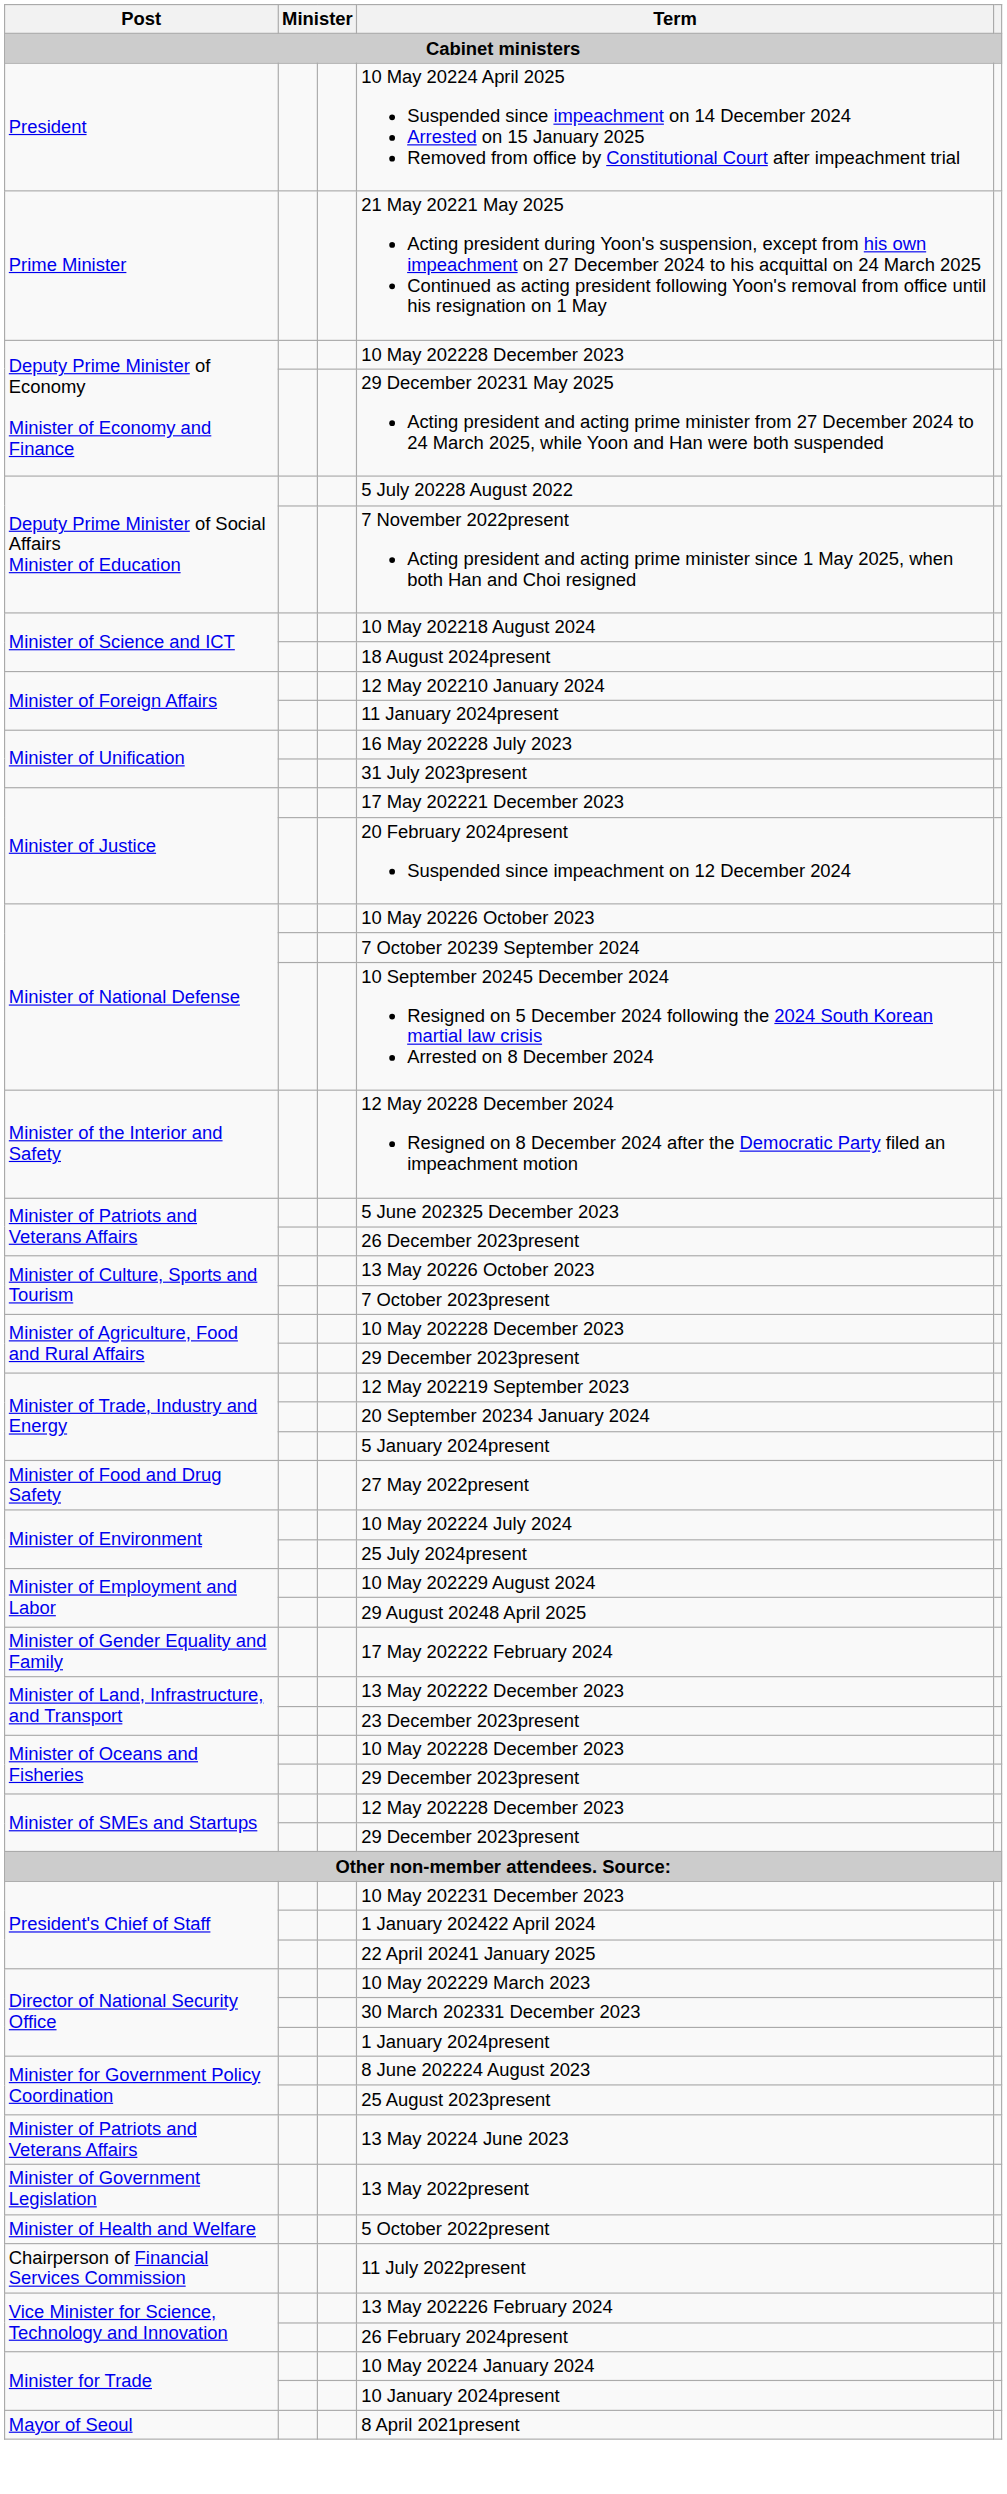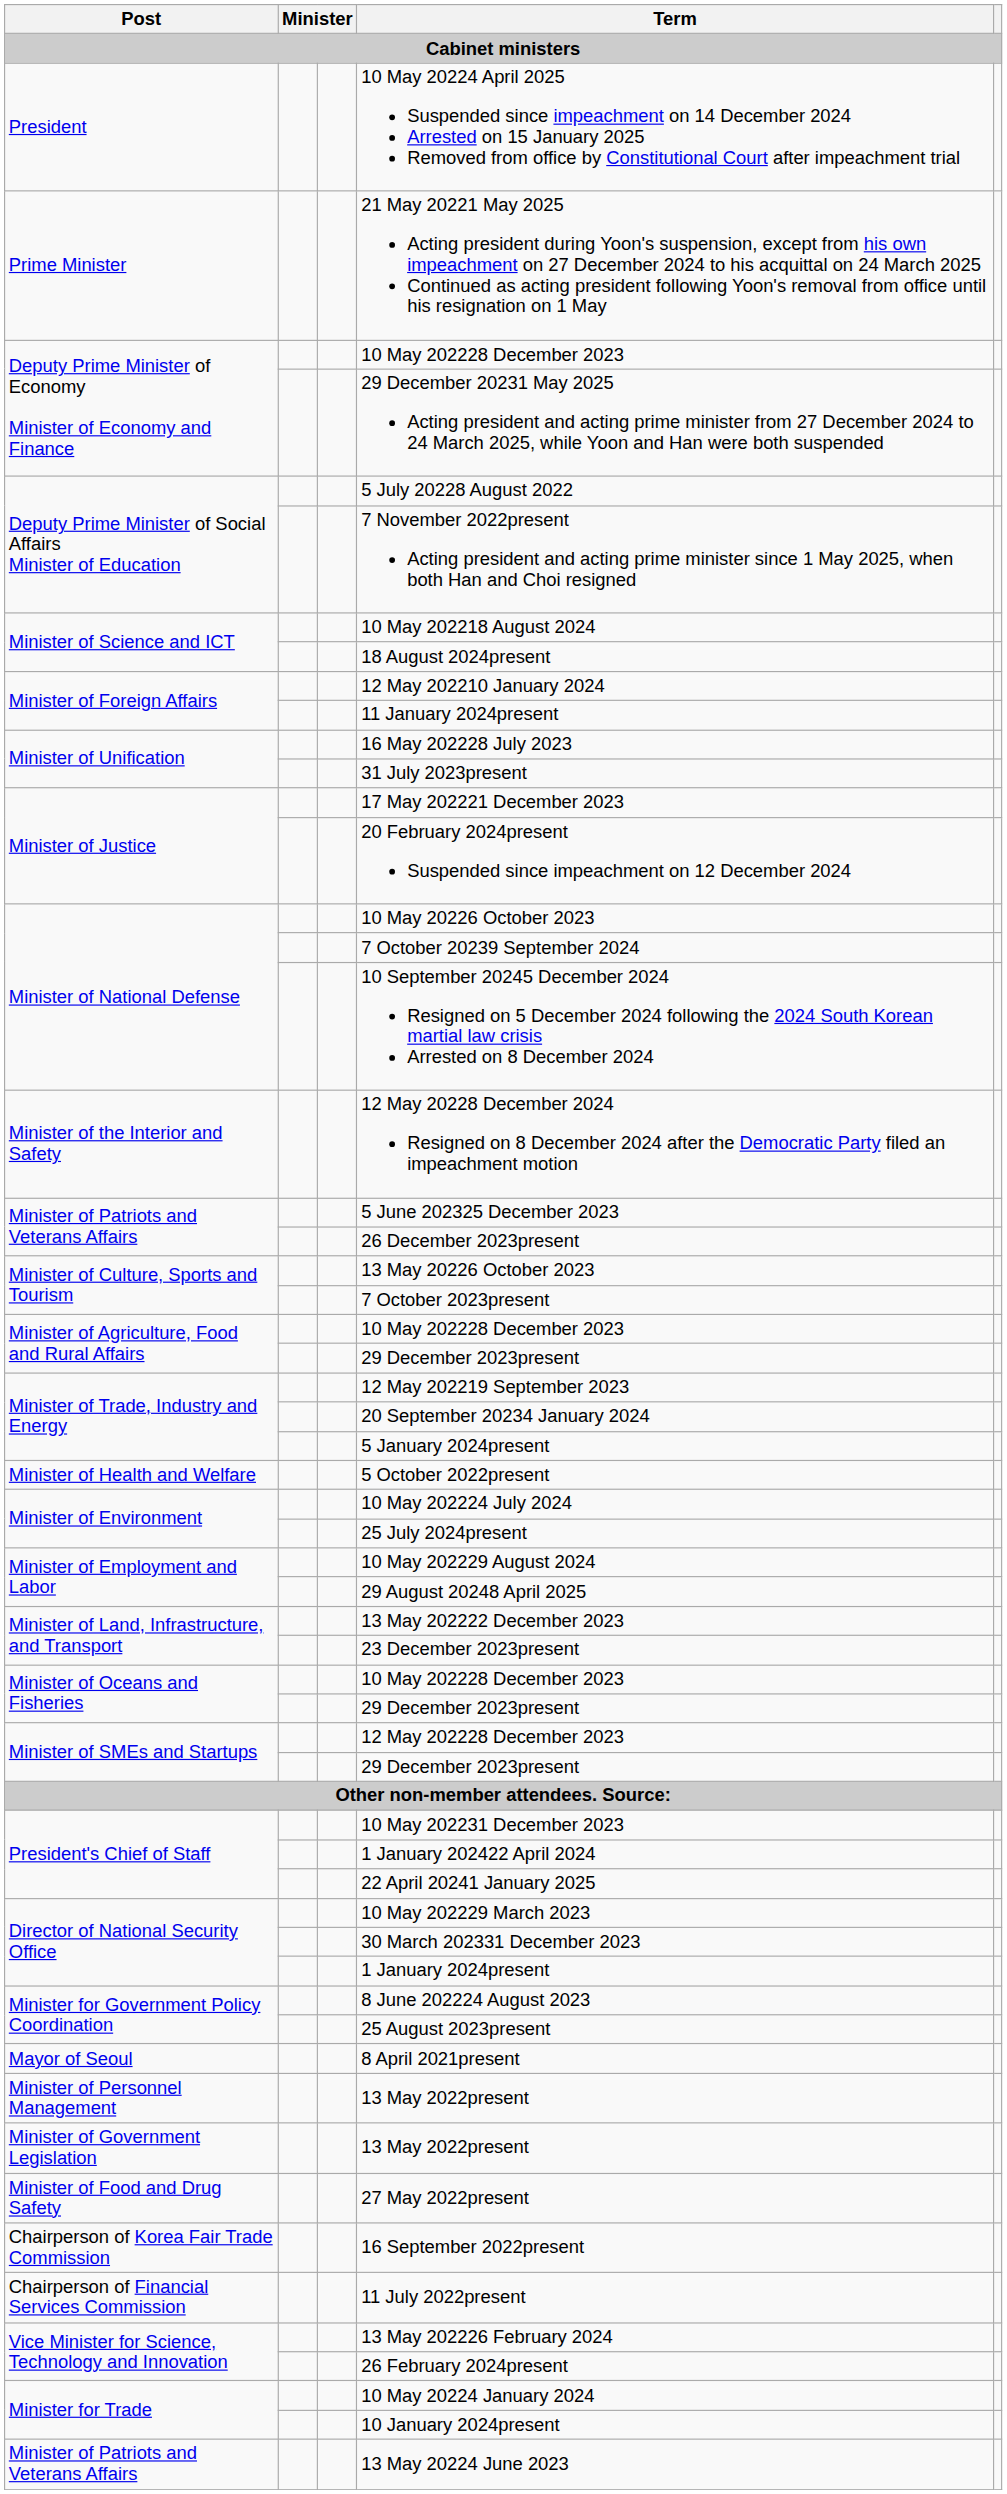 <table class="wikitable">
 <tr>
 <th>Post</th>
 <th colspan=2>Minister</th>
 <th>Term</th>
 <th></th>
 </tr>
 <tr>
 <th colspan="5" style="background:#ccc;">Cabinet ministers</th>
 </tr>
 <tr>
 <td><a href='#'>President</a></td>
 <td style="background: "></td>
 <td></td>
 <td>10 May 20224 April 2025<br><ul><li>Suspended since <a href='#'>impeachment</a> on 14 December 2024</li><li><a href='#'>Arrested</a> on  15 January 2025</li><li>Removed from office by <a href='#'>Constitutional Court</a> after impeachment trial</li></ul></td>
 <td></td>
 </tr>
 <tr>
 <td><a href='#'>Prime Minister</a></td>
 <td style="background: "></td>
 <td></td>
 <td>21 May 20221 May 2025<br><ul><li>Acting president during Yoon's suspension, except from <a href='#'>his own impeachment</a> on 27 December 2024 to his acquittal on 24 March 2025</li><li>Continued as acting president following Yoon's removal from office until his resignation on 1 May</li></ul></td>
 <td></td>
 </tr>
 <tr>
 <td rowspan="2"><a href='#'>Deputy Prime Minister</a> of Economy<br><br><a href='#'>Minister of Economy and Finance</a></td>
 <td style="background: "></td>
 <td></td>
 <td>10 May 202228 December 2023</td>
 <td></td>
 </tr>
 <tr>
 <td style="background: "></td>
 <td></td>
 <td>29 December 20231 May 2025<br><ul><li>Acting president and acting prime minister from 27 December 2024 to 24 March 2025, while Yoon and Han were both suspended</li></ul></td>
 <td></td>
 </tr>
 <tr>
 <td rowspan="2"><a href='#'>Deputy Prime Minister</a> of Social Affairs<br><a href='#'>Minister of Education</a></td>
 <td style="background: "></td>
 <td></td>
 <td>5 July 20228 August 2022</td>
 <td></td>
 </tr>
 <tr>
 <td style="background: "></td>
 <td></td>
 <td>7 November 2022present<br><ul><li>Acting president and acting prime minister since 1 May 2025, when both Han and Choi resigned</li></ul></td>
 <td></td>
 </tr>
 <tr>
 <td rowspan="2"><a href='#'>Minister of Science and ICT</a></td>
 <td style="background: "></td>
 <td></td>
 <td>10 May 202218 August 2024</td>
 <td></td>
 </tr>
 <tr>
 <td style="background: "></td>
 <td></td>
 <td>18 August 2024present</td>
 <td></td>
 </tr>
 <tr>
 <td rowspan="2"><a href='#'>Minister of Foreign Affairs</a></td>
 <td style="background: "></td>
 <td></td>
 <td>12 May 202210 January 2024</td>
 <td></td>
 </tr>
 <tr>
 <td style="background: "></td>
 <td></td>
 <td>11 January 2024present</td>
 <td></td>
 </tr>
 <tr>
 <td rowspan="2"><a href='#'>Minister of Unification</a></td>
 <td style="background: "></td>
 <td></td>
 <td>16 May 202228 July 2023</td>
 <td></td>
 </tr>
 <tr>
 <td style="background: "></td>
 <td></td>
 <td>31 July 2023present</td>
 <td></td>
 </tr>
 <tr>
 <td rowspan="2"><a href='#'>Minister of Justice</a></td>
 <td style="background: "></td>
 <td></td>
 <td>17 May 202221 December 2023</td>
 <td></td>
 </tr>
 <tr>
 <td style="background: "></td>
 <td></td>
 <td>20 February 2024present<br><ul><li>Suspended since impeachment on 12 December 2024</li></ul></td>
 <td></td>
 </tr>
 <tr>
 <td rowspan="3"><a href='#'>Minister of National Defense</a></td>
 <td style="background: "></td>
 <td></td>
 <td>10 May 20226 October 2023</td>
 <td></td>
 </tr>
 <tr>
 <td style="background: "></td>
 <td></td>
 <td>7 October 20239 September 2024</td>
 <td></td>
 </tr>
 <tr>
 <td style="background: "></td>
 <td></td>
 <td>10 September 20245 December 2024<br><ul><li>Resigned on 5 December 2024 following the <a href='#'>2024 South Korean martial law crisis</a></li><li>Arrested on 8 December 2024</li></ul></td>
 <td><br></td>
 </tr>
 <tr>
 <td><a href='#'>Minister of the Interior and Safety</a></td>
 <td style="background: "></td>
 <td></td>
 <td>12 May 20228 December 2024<br><ul><li>Resigned on 8 December 2024 after the <a href='#'>Democratic Party</a> filed an impeachment motion</li></ul></td>
 <td><br><br></td>
 </tr>
 <tr>
 <td rowspan="2"><a href='#'>Minister of Patriots and Veterans Affairs</a></td>
 <td style="background: "></td>
 <td></td>
 <td>5 June 202325 December 2023</td>
 <td></td>
 </tr>
 <tr>
 <td style="background: "></td>
 <td></td>
 <td>26 December 2023present</td>
 <td></td>
 </tr>
 <tr>
 <td rowspan="2"><a href='#'>Minister of Culture, Sports and Tourism</a></td>
 <td style="background: "></td>
 <td></td>
 <td>13 May 20226 October 2023</td>
 <td></td>
 </tr>
 <tr>
 <td style="background: "></td>
 <td></td>
 <td>7 October 2023present</td>
 <td></td>
 </tr>
 <tr>
 <td rowspan="2"><a href='#'>Minister of Agriculture, Food and Rural Affairs</a></td>
 <td style="background: "></td>
 <td></td>
 <td>10 May 202228 December 2023</td>
 <td></td>
 </tr>
 <tr>
 <td style="background: "></td>
 <td></td>
 <td>29 December 2023present</td>
 <td></td>
 </tr>
 <tr>
 <td rowspan="3"><a href='#'>Minister of Trade, Industry and Energy</a></td>
 <td style="background: "></td>
 <td></td>
 <td>12 May 202219 September 2023</td>
 <td></td>
 </tr>
 <tr>
 <td style="background: "></td>
 <td></td>
 <td>20 September 20234 January 2024</td>
 <td></td>
 </tr>
 <tr>
 <td style="background: "></td>
 <td></td>
 <td>5 January 2024present</td>
 <td></td>
 </tr>
 <tr>
-<td><a href='#'>Minister of Food and Drug Safety</a></td>
+<td><a href='#'>Minister of Health and Welfare</a></td>
 <td style="background: "></td>
 <td></td>
-<td>27 May 2022present</td>
+<td>5 October 2022present</td>
 <td></td>
 </tr>
 <tr>
 <td rowspan="2"><a href='#'>Minister of Environment</a></td>
 <td style="background: "></td>
 <td></td>
 <td>10 May 202224 July 2024</td>
 <td></td>
 </tr>
 <tr>
 <td style="background: "></td>
 <td></td>
 <td>25 July 2024present</td>
 <td></td>
 </tr>
 <tr>
 <td rowspan="2"><a href='#'>Minister of Employment and Labor</a></td>
 <td style="background: "></td>
 <td></td>
 <td>10 May 202229 August 2024</td>
 <td></td>
 </tr>
 <tr>
 <td style="background: "></td>
 <td></td>
 <td>29 August 20248 April 2025</td>
-<td></td>
-</tr>
-<tr>
-<td><a href='#'>Minister of Gender Equality and Family</a></td>
-<td style="background: "></td>
-<td></td>
-<td>17 May 202222 February 2024</td>
 <td></td>
 </tr>
 <tr>
 <td rowspan="2"><a href='#'>Minister of Land, Infrastructure, and Transport</a></td>
 <td style="background: "></td>
 <td></td>
 <td>13 May 202222 December 2023</td>
 <td></td>
 </tr>
 <tr>
 <td style="background: "></td>
 <td></td>
 <td>23 December 2023present</td>
 <td></td>
 </tr>
 <tr>
 <td rowspan="2"><a href='#'>Minister of Oceans and Fisheries</a></td>
 <td style="background: "></td>
 <td></td>
 <td>10 May 202228 December 2023</td>
 <td></td>
 </tr>
 <tr>
 <td style="background: "></td>
 <td></td>
 <td>29 December 2023present</td>
 <td></td>
 </tr>
 <tr>
 <td rowspan="2"><a href='#'>Minister of SMEs and Startups</a></td>
 <td style="background: "></td>
 <td></td>
 <td>12 May 202228 December 2023</td>
 <td></td>
 </tr>
 <tr>
 <td style="background: "></td>
 <td></td>
 <td>29 December 2023present</td>
 <td></td>
 </tr>
 <tr>
 <th colspan="5" style="background:#ccc;">Other non-member attendees. Source:</th>
 </tr>
 <tr>
 <td rowspan="3"><a href='#'>President's Chief of Staff</a></td>
 <td style="background: "></td>
 <td></td>
 <td>10 May 202231 December 2023</td>
 <td></td>
 </tr>
 <tr>
 <td style="background: "></td>
 <td></td>
 <td>1 January 202422 April 2024</td>
 <td></td>
 </tr>
 <tr>
 <td style="background: "></td>
 <td></td>
 <td>22 April 20241 January 2025</td>
 <td></td>
 </tr>
 <tr>
 <td rowspan="3"><a href='#'>Director of National Security Office</a></td>
 <td style="background: "></td>
 <td></td>
 <td>10 May 202229 March 2023</td>
 <td></td>
 </tr>
 <tr>
 <td style="background: "></td>
 <td></td>
 <td>30 March 202331 December 2023</td>
 <td></td>
 </tr>
 <tr>
 <td style="background: "></td>
 <td></td>
 <td>1 January 2024present</td>
 <td></td>
 </tr>
 <tr>
 <td rowspan="2"><a href='#'>Minister for Government Policy Coordination</a></td>
 <td style="background: "></td>
 <td></td>
 <td>8 June 202224 August 2023</td>
 <td></td>
 </tr>
 <tr>
 <td style="background: "></td>
 <td></td>
 <td>25 August 2023present</td>
 <td></td>
 </tr>
 <tr>
-<td><a href='#'>Minister of Patriots and Veterans Affairs</a></td>
+<td><a href='#'>Mayor of Seoul</a></td>
 <td style="background: "></td>
 <td></td>
-<td>13 May 20224 June 2023</td>
+<td>8 April 2021present</td>
+<td></td>
+</tr>
+<tr>
+<td><a href='#'>Minister of Personnel Management</a></td>
+<td style="background: "></td>
+<td></td>
+<td>13 May 2022present</td>
 <td></td>
 </tr>
 <tr>
 <td><a href='#'>Minister of Government Legislation</a></td>
 <td style="background: "></td>
 <td></td>
 <td>13 May 2022present</td>
 <td></td>
 </tr>
 <tr>
-<td><a href='#'>Minister of Health and Welfare</a></td>
+<td><a href='#'>Minister of Food and Drug Safety</a></td>
 <td style="background: "></td>
 <td></td>
-<td>5 October 2022present</td>
+<td>27 May 2022present</td>
+<td></td>
+</tr>
+<tr>
+<td>Chairperson of <a href='#'>Korea Fair Trade Commission</a></td>
+<td style="background: "></td>
+<td></td>
+<td>16 September 2022present</td>
 <td></td>
 </tr>
 <tr>
 <td>Chairperson of <a href='#'>Financial Services Commission</a></td>
 <td style="background: "></td>
 <td></td>
 <td>11 July 2022present</td>
 <td></td>
 </tr>
 <tr>
 <td rowspan="2"><a href='#'>Vice Minister for Science, Technology and Innovation</a></td>
 <td style="background: "></td>
 <td></td>
 <td>13 May 202226 February 2024</td>
 <td></td>
 </tr>
 <tr>
 <td style="background: "></td>
 <td></td>
 <td>26 February 2024present</td>
 <td></td>
 </tr>
 <tr>
 <td rowspan="2"><a href='#'>Minister for Trade</a></td>
 <td style="background: "></td>
 <td></td>
 <td>10 May 20224 January 2024</td>
 <td></td>
 </tr>
 <tr>
 <td style="background: "></td>
 <td></td>
 <td>10 January 2024present</td>
 <td></td>
 </tr>
 <tr>
-<td><a href='#'>Mayor of Seoul</a></td>
+<td><a href='#'>Minister of Patriots and Veterans Affairs</a></td>
 <td style="background: "></td>
 <td></td>
-<td>8 April 2021present</td>
+<td>13 May 20224 June 2023</td>
 <td></td>
 </tr>
 </table>
